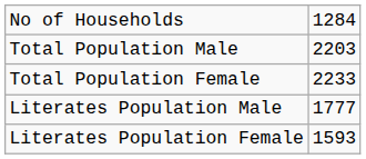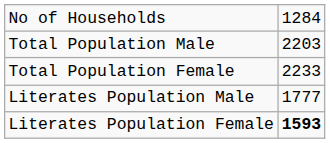 <table class="wikitable">
 <tr>
 <td>No of Households</td>
 <td>1284</td>
 </tr>
 <tr>
 <td>Total Population Male</td>
 <td>2203</td>
 </tr>
 <tr>
 <td>Total Population Female</td>
 <td>2233</td>
 </tr>
 <tr>
 <td>Literates Population Male</td>
 <td>1777</td>
 </tr>
 <tr>
 <td>Literates Population Female</td>
-<td>1593</td>
+<td><strong>1593</strong></td>
 </tr>
 </table>
